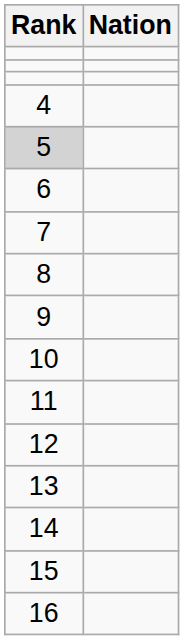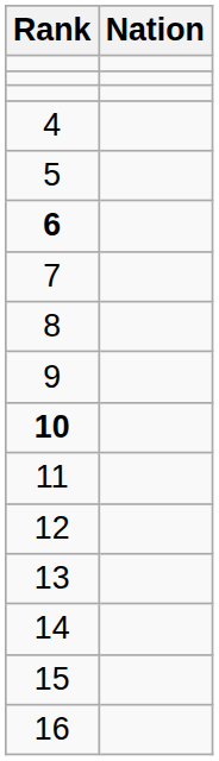 <table class="wikitable" style="text-align:center">
 <tr>
 <th>Rank</th>
 <th>Nation</th>
 </tr>
 <tr>
 <td></td>
 <td align="left"></td>
 </tr>
 <tr>
 <td></td>
 <td align="left"></td>
 </tr>
 <tr>
 <td></td>
 <td align="left"></td>
 </tr>
 <tr>
 <td>4</td>
 <td align="left"></td>
 </tr>
 <tr>
-<td style="background: lightgrey;">5</td>
+<td>5</td>
 <td align="left"></td>
 </tr>
 <tr>
-<td>6</td>
+<td><strong>6</strong></td>
 <td align="left"></td>
 </tr>
 <tr>
 <td>7</td>
 <td align="left"></td>
 </tr>
 <tr>
 <td>8</td>
 <td align="left"></td>
 </tr>
 <tr>
 <td>9</td>
 <td align="left"></td>
 </tr>
 <tr>
-<td>10</td>
+<td><strong>10</strong></td>
 <td align="left"></td>
 </tr>
 <tr>
 <td>11</td>
 <td align="left"></td>
 </tr>
 <tr>
 <td>12</td>
 <td align="left"></td>
 </tr>
 <tr>
 <td>13</td>
 <td align="left"></td>
 </tr>
 <tr>
 <td>14</td>
 <td align="left"></td>
 </tr>
 <tr>
 <td>15</td>
 <td align="left"></td>
 </tr>
 <tr>
 <td>16</td>
 <td align="left"></td>
 </tr>
 </table>
